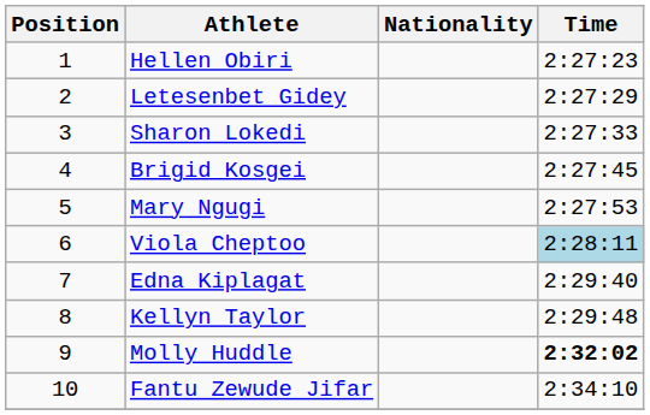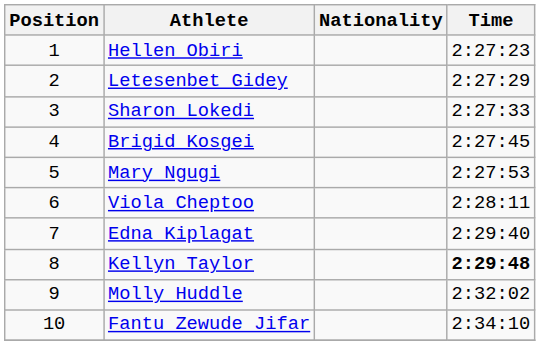 <table class="wikitable sortable">
 <tr>
 <th scope="col">Position</th>
 <th scope="col">Athlete</th>
 <th scope="col">Nationality</th>
 <th scope="col">Time</th>
 </tr>
 <tr>
 <td !scope=row align=center>1</td>
 <td><a href='#'>Hellen Obiri</a></td>
 <td></td>
 <td>2:27:23</td>
 </tr>
 <tr>
 <td !scope=row align=center>2</td>
 <td><a href='#'>Letesenbet Gidey</a></td>
 <td></td>
 <td>2:27:29</td>
 </tr>
 <tr>
 <td !scope=row align=center>3</td>
 <td><a href='#'>Sharon Lokedi</a></td>
 <td></td>
 <td>2:27:33</td>
 </tr>
 <tr>
 <td !scope=row align=center>4</td>
 <td><a href='#'>Brigid Kosgei</a></td>
 <td></td>
 <td>2:27:45</td>
 </tr>
 <tr>
 <td !scope=row align=center>5</td>
 <td><a href='#'>Mary Ngugi</a></td>
 <td></td>
 <td>2:27:53</td>
 </tr>
 <tr>
 <td !scope=row align=center>6</td>
 <td><a href='#'>Viola Cheptoo</a></td>
 <td></td>
-<td style="background: lightblue;">2:28:11</td>
+<td>2:28:11</td>
 </tr>
 <tr>
 <td !scope=row align=center>7</td>
 <td><a href='#'>Edna Kiplagat</a></td>
 <td></td>
 <td>2:29:40</td>
 </tr>
 <tr>
 <td !scope=row align=center>8</td>
 <td><a href='#'>Kellyn Taylor</a></td>
 <td></td>
-<td>2:29:48</td>
+<td><strong>2:29:48</strong></td>
 </tr>
 <tr>
 <td !scope=row align=center>9</td>
 <td><a href='#'>Molly Huddle</a></td>
 <td></td>
-<td><strong>2:32:02</strong></td>
+<td>2:32:02</td>
 </tr>
 <tr>
 <td !scope=row align=center>10</td>
 <td><a href='#'>Fantu Zewude Jifar</a></td>
 <td></td>
 <td>2:34:10</td>
 </tr>
 <tr>
 </tr>
 </table>
